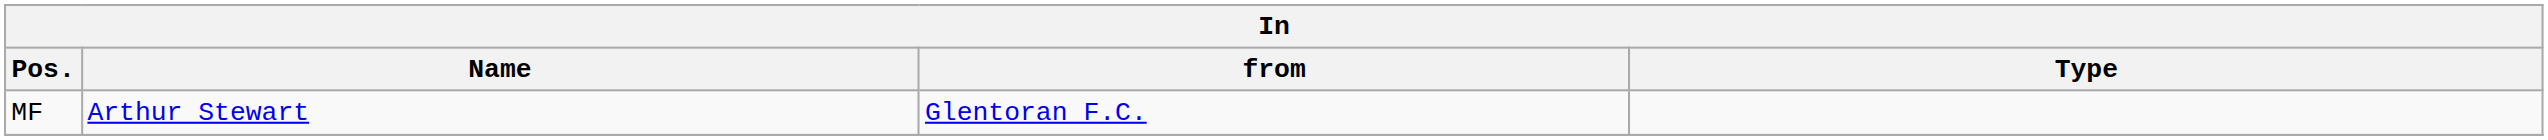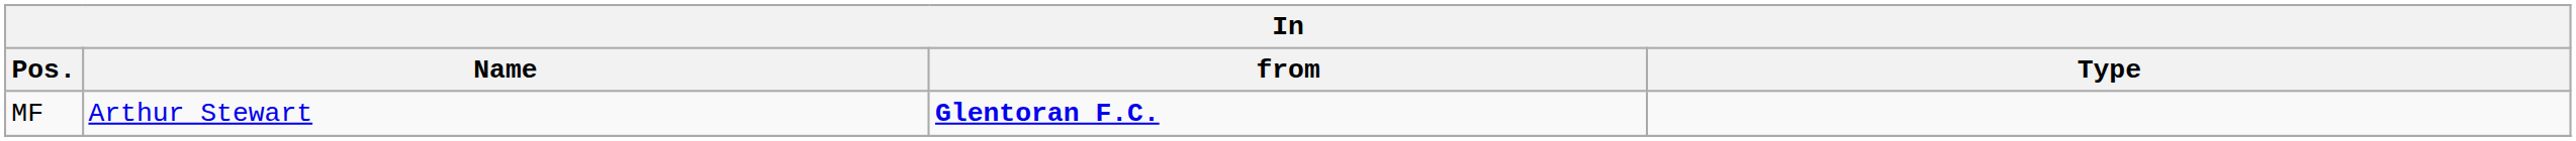 <table class="wikitable" style="font-size:100%;width:99%;">
 <tr>
 <th colspan="4">In</th>
 </tr>
 <tr>
 <th width=3%>Pos.</th>
 <th width=33%>Name</th>
 <th width=28%>from</th>
 <th width=36%>Type</th>
 </tr>
 <tr>
 <td>MF</td>
 <td><a href='#'>Arthur Stewart</a></td>
-<td><a href='#'>Glentoran F.C.</a></td>
+<td><strong><a href='#'>Glentoran F.C.</a></strong></td>
 <td></td>
 </tr>
 <tr>
 </tr>
 </table>
